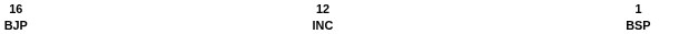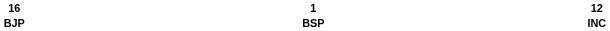 <table style="width:100%; text-align:center;">
 <tr>
 <td style="background:"><strong>16</strong></td>
+<td style="background:"><strong>1</strong></td>
 <td style="background:"><strong>12</strong></td>
-<td style="background:"><strong>1</strong></td>
 </tr>
 <tr>
 <td><span><strong>BJP</strong></span></td>
+<td><span><strong>BSP</strong></span></td>
 <td><span><strong>INC</strong></span></td>
-<td><span><strong>BSP</strong></span></td>
 </tr>
 </table>
